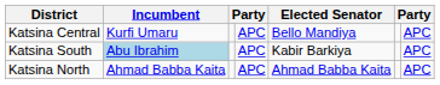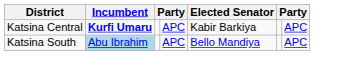 <table class="sortable wikitable" style="font-size:95%;line-height:14px;">
 <tr>
 <th class="unsortable">District</th>
 <th class="unsortable"><a href='#'>Incumbent</a></th>
 <th colspan="2">Party</th>
 <th class="unsortable">Elected Senator</th>
 <th colspan="2">Party</th>
 </tr>
 <tr>
 <td>Katsina Central</td>
-<td><a href='#'>Kurfi Umaru</a></td>
+<td><strong><a href='#'>Kurfi Umaru</a></strong></td>
 <td style="background:"></td>
 <td><a href='#'>APC</a></td>
-<td><a href='#'>Bello Mandiya</a></td>
+<td>Kabir Barkiya</td>
 <td style="background:"></td>
 <td><a href='#'>APC</a></td>
 </tr>
 <tr>
 <td>Katsina South</td>
 <td style="background: lightblue;"><a href='#'>Abu Ibrahim</a></td>
 <td style="background:"></td>
 <td><a href='#'>APC</a></td>
-<td>Kabir Barkiya</td>
-<td style="background:"></td>
-<td><a href='#'>APC</a></td>
-</tr>
-<tr>
-<td>Katsina North</td>
-<td><a href='#'>Ahmad Babba Kaita</a></td>
-<td style="background:"></td>
-<td><a href='#'>APC</a></td>
-<td><a href='#'>Ahmad Babba Kaita</a></td>
+<td><a href='#'>Bello Mandiya</a></td>
 <td style="background:"></td>
 <td><a href='#'>APC</a></td>
 </tr>
 </table>
